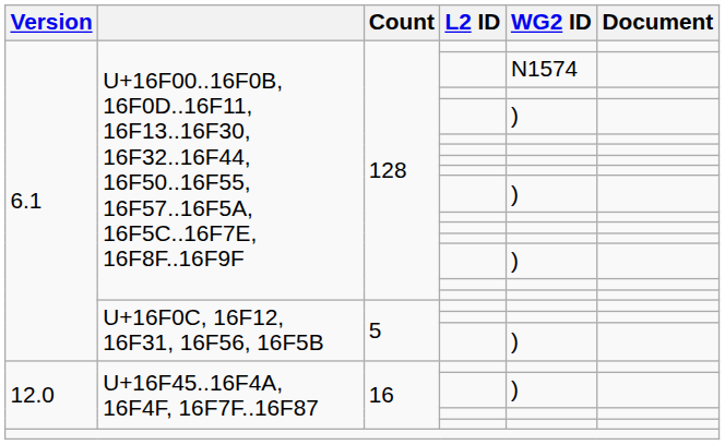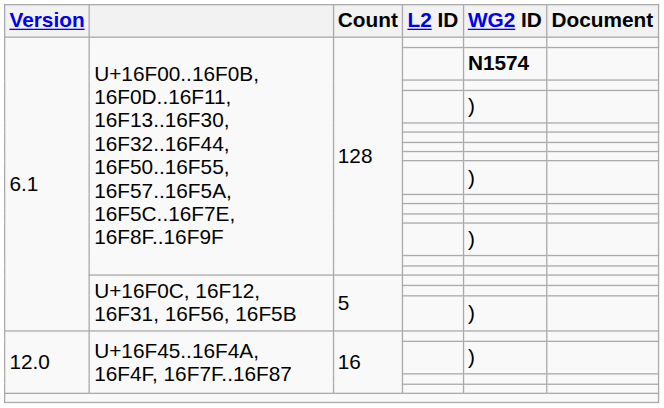 <table class="wikitable collapsible sticky-header">
 <tr>
 <th><a href='#'>Version</a></th>
 <th></th>
 <th>Count</th>
 <th><a href='#'>L2</a> ID</th>
 <th><a href='#'>WG2</a> ID</th>
 <th>Document</th>
 </tr>
 <tr>
 <td rowspan="18">6.1</td>
 <td rowspan="15" width="180">U+16F00..16F0B, 16F0D..16F11, 16F13..16F30, 16F32..16F44, 16F50..16F55, 16F57..16F5A, 16F5C..16F7E, 16F8F..16F9F</td>
 <td rowspan="15">128</td>
 <td></td>
 <td></td>
 <td></td>
 </tr>
 <tr>
 <td></td>
-<td>N1574</td>
+<td><strong>N1574</strong></td>
 <td></td>
 </tr>
 <tr>
 <td></td>
 <td></td>
 <td></td>
 </tr>
 <tr>
 <td></td>
 <td> )</td>
 <td></td>
 </tr>
 <tr>
 <td></td>
 <td></td>
 <td></td>
 </tr>
 <tr>
 <td></td>
 <td></td>
 <td></td>
 </tr>
 <tr>
 <td></td>
 <td></td>
 <td></td>
 </tr>
 <tr>
 <td></td>
 <td></td>
 <td></td>
 </tr>
 <tr>
 <td></td>
 <td> )</td>
 <td></td>
 </tr>
 <tr>
 <td></td>
 <td></td>
 <td></td>
 </tr>
 <tr>
 <td></td>
 <td></td>
 <td></td>
 </tr>
 <tr>
 <td></td>
 <td></td>
 <td></td>
 </tr>
 <tr>
 <td></td>
 <td> )</td>
 <td></td>
 </tr>
 <tr>
 <td></td>
 <td></td>
 <td></td>
 </tr>
 <tr>
 <td></td>
 <td></td>
 <td></td>
 </tr>
 <tr>
 <td rowspan="3">U+16F0C, 16F12, 16F31, 16F56, 16F5B</td>
 <td rowspan="3">5</td>
 <td></td>
 <td></td>
 <td></td>
 </tr>
 <tr>
 <td></td>
 <td></td>
 <td></td>
 </tr>
 <tr>
 <td></td>
 <td> )</td>
 <td></td>
 </tr>
 <tr>
 <td rowspan="4">12.0</td>
 <td rowspan="4">U+16F45..16F4A, 16F4F, 16F7F..16F87</td>
 <td rowspan="4">16</td>
 <td></td>
 <td></td>
 <td></td>
 </tr>
 <tr>
 <td></td>
 <td> )</td>
 <td></td>
 </tr>
 <tr>
 <td></td>
 <td></td>
 <td></td>
 </tr>
 <tr>
 <td></td>
 <td></td>
 <td></td>
 </tr>
 <tr class="sortbottom">
 <td colspan="6"></td>
 </tr>
 </table>
